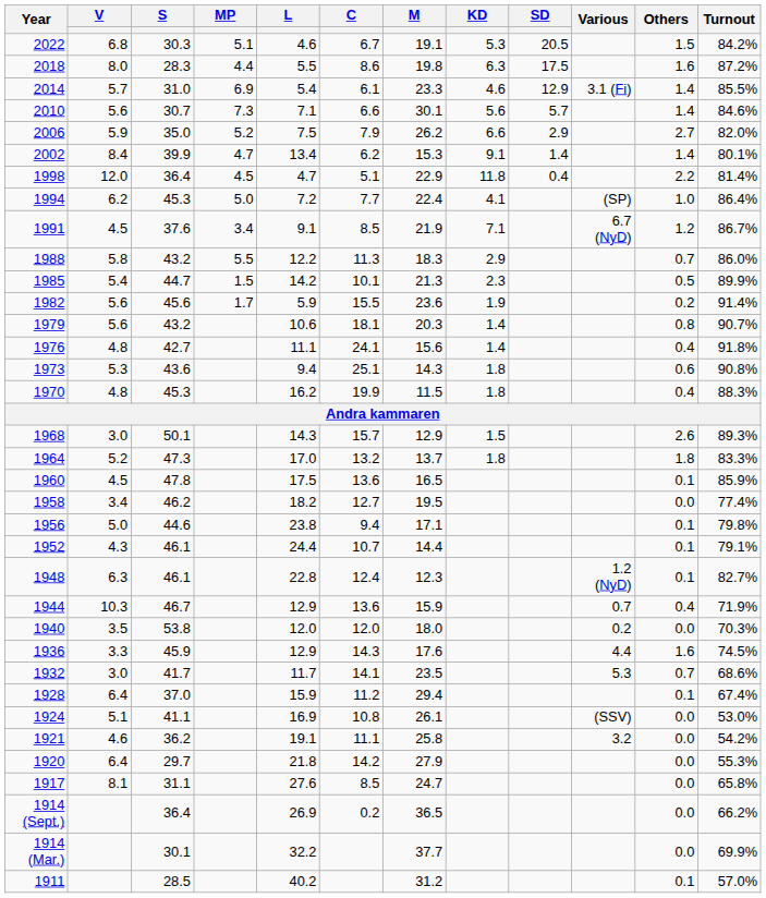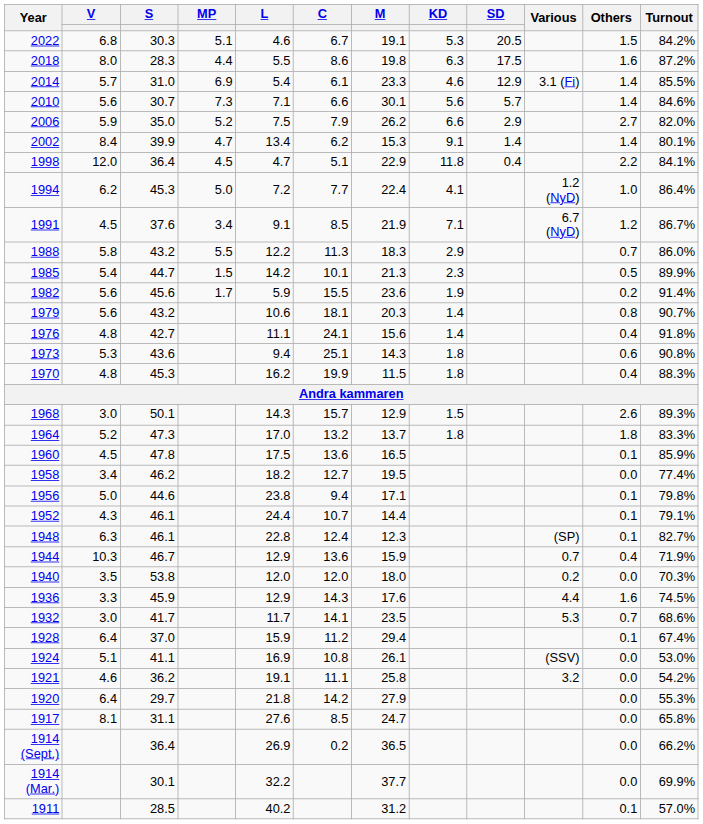 <table class="wikitable" style="text-align:right">
 <tr>
 <th style="width:8%;" rowspan="2">Year</th>
 <th style="width:8%;"><a href='#'>V</a></th>
 <th style="width:8%;"><a href='#'>S</a></th>
 <th style="width:8%;"><a href='#'>MP</a></th>
 <th style="width:8%;"><a href='#'>L</a></th>
 <th style="width:8%;"><a href='#'>C</a></th>
 <th style="width:8%;"><a href='#'>M</a></th>
 <th style="width:8%;"><a href='#'>KD</a></th>
 <th style="width:8%;"><a href='#'>SD</a></th>
 <th style="width:8%;" rowspan="2">Various</th>
 <th style="width:8%;" rowspan="2">Others</th>
 <th style="width:8%;" rowspan="2">Turnout</th>
 </tr>
 <tr>
 <th style="background-color: "></th>
 <th style="background-color: "></th>
 <th style="background-color: "></th>
 <th style="background-color: "></th>
 <th style="background-color: "></th>
 <th style="background-color: "></th>
 <th style="background-color: "></th>
 <th style="background-color: "></th>
 </tr>
 <tr>
 <td><a href='#'>2022</a></td>
 <td>6.8</td>
 <td>30.3</td>
 <td>5.1</td>
 <td>4.6</td>
 <td>6.7</td>
 <td>19.1</td>
 <td>5.3</td>
 <td>20.5</td>
 <td></td>
 <td>1.5</td>
 <td>84.2%</td>
 </tr>
 <tr>
 <td><a href='#'>2018</a></td>
 <td>8.0</td>
 <td>28.3</td>
 <td>4.4</td>
 <td>5.5</td>
 <td>8.6</td>
 <td>19.8</td>
 <td>6.3</td>
 <td>17.5</td>
 <td></td>
 <td>1.6</td>
 <td>87.2%</td>
 </tr>
 <tr>
 <td><a href='#'>2014</a></td>
 <td>5.7</td>
 <td>31.0</td>
 <td>6.9</td>
 <td>5.4</td>
 <td>6.1</td>
 <td>23.3</td>
 <td>4.6</td>
 <td>12.9</td>
 <td>3.1 (<a href='#'>Fi</a>)</td>
 <td>1.4</td>
 <td>85.5%</td>
 </tr>
 <tr>
 <td><a href='#'>2010</a></td>
 <td>5.6</td>
 <td>30.7</td>
 <td>7.3</td>
 <td>7.1</td>
 <td>6.6</td>
 <td>30.1</td>
 <td>5.6</td>
 <td>5.7</td>
 <td></td>
 <td>1.4</td>
 <td>84.6%</td>
 </tr>
 <tr>
 <td><a href='#'>2006</a></td>
 <td>5.9</td>
 <td>35.0</td>
 <td>5.2</td>
 <td>7.5</td>
 <td>7.9</td>
 <td>26.2</td>
 <td>6.6</td>
 <td>2.9</td>
 <td></td>
 <td>2.7</td>
 <td>82.0%</td>
 </tr>
 <tr>
 <td><a href='#'>2002</a></td>
 <td>8.4</td>
 <td>39.9</td>
 <td>4.7</td>
 <td>13.4</td>
 <td>6.2</td>
 <td>15.3</td>
 <td>9.1</td>
 <td>1.4</td>
 <td></td>
 <td>1.4</td>
 <td>80.1%</td>
 </tr>
 <tr>
 <td><a href='#'>1998</a></td>
 <td>12.0</td>
 <td>36.4</td>
 <td>4.5</td>
 <td>4.7</td>
 <td>5.1</td>
 <td>22.9</td>
 <td>11.8</td>
 <td>0.4</td>
 <td></td>
 <td>2.2</td>
-<td>81.4%</td>
+<td>84.1%</td>
 </tr>
 <tr>
 <td><a href='#'>1994</a></td>
 <td>6.2</td>
 <td>45.3</td>
 <td>5.0</td>
 <td>7.2</td>
 <td>7.7</td>
 <td>22.4</td>
 <td>4.1</td>
 <td></td>
-<td>(SP)</td>
+<td>1.2 (<a href='#'>NyD</a>)</td>
 <td>1.0</td>
 <td>86.4%</td>
 </tr>
 <tr>
 <td><a href='#'>1991</a></td>
 <td>4.5</td>
 <td>37.6</td>
 <td>3.4</td>
 <td>9.1</td>
 <td>8.5</td>
 <td>21.9</td>
 <td>7.1</td>
 <td></td>
 <td>6.7 (<a href='#'>NyD</a>)</td>
 <td>1.2</td>
 <td>86.7%</td>
 </tr>
 <tr>
 <td><a href='#'>1988</a></td>
 <td>5.8</td>
 <td>43.2</td>
 <td>5.5</td>
 <td>12.2</td>
 <td>11.3</td>
 <td>18.3</td>
 <td>2.9</td>
 <td></td>
 <td></td>
 <td>0.7</td>
 <td>86.0%</td>
 </tr>
 <tr>
 <td><a href='#'>1985</a></td>
 <td>5.4</td>
 <td>44.7</td>
 <td>1.5</td>
 <td>14.2</td>
 <td>10.1</td>
 <td>21.3</td>
 <td>2.3</td>
 <td></td>
 <td></td>
 <td>0.5</td>
 <td>89.9%</td>
 </tr>
 <tr>
 <td><a href='#'>1982</a></td>
 <td>5.6</td>
 <td>45.6</td>
 <td>1.7</td>
 <td>5.9</td>
 <td>15.5</td>
 <td>23.6</td>
 <td>1.9</td>
 <td></td>
 <td></td>
 <td>0.2</td>
 <td>91.4%</td>
 </tr>
 <tr>
 <td><a href='#'>1979</a></td>
 <td>5.6</td>
 <td>43.2</td>
 <td></td>
 <td>10.6</td>
 <td>18.1</td>
 <td>20.3</td>
 <td>1.4</td>
 <td></td>
 <td></td>
 <td>0.8</td>
 <td>90.7%</td>
 </tr>
 <tr>
 <td><a href='#'>1976</a></td>
 <td>4.8</td>
 <td>42.7</td>
 <td></td>
 <td>11.1</td>
 <td>24.1</td>
 <td>15.6</td>
 <td>1.4</td>
 <td></td>
 <td></td>
 <td>0.4</td>
 <td>91.8%</td>
 </tr>
 <tr>
 <td><a href='#'>1973</a></td>
 <td>5.3</td>
 <td>43.6</td>
 <td></td>
 <td>9.4</td>
 <td>25.1</td>
 <td>14.3</td>
 <td>1.8</td>
 <td></td>
 <td></td>
 <td>0.6</td>
 <td>90.8%</td>
 </tr>
 <tr>
 <td><a href='#'>1970</a></td>
 <td>4.8</td>
 <td>45.3</td>
 <td></td>
 <td>16.2</td>
 <td>19.9</td>
 <td>11.5</td>
 <td>1.8</td>
 <td></td>
 <td></td>
 <td>0.4</td>
 <td>88.3%</td>
 </tr>
 <tr>
 <th colspan=12><a href='#'>Andra kammaren</a></th>
 </tr>
 <tr>
 <td><a href='#'>1968</a></td>
 <td>3.0</td>
 <td>50.1</td>
 <td></td>
 <td>14.3</td>
 <td>15.7</td>
 <td>12.9</td>
 <td>1.5</td>
 <td></td>
 <td></td>
 <td>2.6</td>
 <td>89.3%</td>
 </tr>
 <tr>
 <td><a href='#'>1964</a></td>
 <td>5.2</td>
 <td>47.3</td>
 <td></td>
 <td>17.0</td>
 <td>13.2</td>
 <td>13.7</td>
 <td>1.8</td>
 <td></td>
 <td></td>
 <td>1.8</td>
 <td>83.3%</td>
 </tr>
 <tr>
 <td><a href='#'>1960</a></td>
 <td>4.5</td>
 <td>47.8</td>
 <td></td>
 <td>17.5</td>
 <td>13.6</td>
 <td>16.5</td>
 <td></td>
 <td></td>
 <td></td>
 <td>0.1</td>
 <td>85.9%</td>
 </tr>
 <tr>
 <td><a href='#'>1958</a></td>
 <td>3.4</td>
 <td>46.2</td>
 <td></td>
 <td>18.2</td>
 <td>12.7</td>
 <td>19.5</td>
 <td></td>
 <td></td>
 <td></td>
 <td>0.0</td>
 <td>77.4%</td>
 </tr>
 <tr>
 <td><a href='#'>1956</a></td>
 <td>5.0</td>
 <td>44.6</td>
 <td></td>
 <td>23.8</td>
 <td>9.4</td>
 <td>17.1</td>
 <td></td>
 <td></td>
 <td></td>
 <td>0.1</td>
 <td>79.8%</td>
 </tr>
 <tr>
 <td><a href='#'>1952</a></td>
 <td>4.3</td>
 <td>46.1</td>
 <td></td>
 <td>24.4</td>
 <td>10.7</td>
 <td>14.4</td>
 <td></td>
 <td></td>
 <td></td>
 <td>0.1</td>
 <td>79.1%</td>
 </tr>
 <tr>
 <td><a href='#'>1948</a></td>
 <td>6.3</td>
 <td>46.1</td>
 <td></td>
 <td>22.8</td>
 <td>12.4</td>
 <td>12.3</td>
 <td></td>
 <td></td>
-<td>1.2 (<a href='#'>NyD</a>)</td>
+<td>(SP)</td>
 <td>0.1</td>
 <td>82.7%</td>
 </tr>
 <tr>
 <td><a href='#'>1944</a></td>
 <td>10.3</td>
 <td>46.7</td>
 <td></td>
 <td>12.9</td>
 <td>13.6</td>
 <td>15.9</td>
 <td></td>
 <td></td>
 <td>0.7</td>
 <td>0.4</td>
 <td>71.9%</td>
 </tr>
 <tr>
 <td><a href='#'>1940</a></td>
 <td>3.5</td>
 <td>53.8</td>
 <td></td>
 <td>12.0</td>
 <td>12.0</td>
 <td>18.0</td>
 <td></td>
 <td></td>
 <td>0.2</td>
 <td>0.0</td>
 <td>70.3%</td>
 </tr>
 <tr>
 <td><a href='#'>1936</a></td>
 <td>3.3</td>
 <td>45.9</td>
 <td></td>
 <td>12.9</td>
 <td>14.3</td>
 <td>17.6</td>
 <td></td>
 <td></td>
 <td>4.4</td>
 <td>1.6</td>
 <td>74.5%</td>
 </tr>
 <tr>
 <td><a href='#'>1932</a></td>
 <td>3.0</td>
 <td>41.7</td>
 <td></td>
 <td>11.7</td>
 <td>14.1</td>
 <td>23.5</td>
 <td></td>
 <td></td>
 <td>5.3</td>
 <td>0.7</td>
 <td>68.6%</td>
 </tr>
 <tr>
 <td><a href='#'>1928</a></td>
 <td>6.4</td>
 <td>37.0</td>
 <td></td>
 <td>15.9</td>
 <td>11.2</td>
 <td>29.4</td>
 <td></td>
 <td></td>
 <td></td>
 <td>0.1</td>
 <td>67.4%</td>
 </tr>
 <tr>
 <td><a href='#'>1924</a></td>
 <td>5.1</td>
 <td>41.1</td>
 <td></td>
 <td>16.9</td>
 <td>10.8</td>
 <td>26.1</td>
 <td></td>
 <td></td>
 <td>(SSV)</td>
 <td>0.0</td>
 <td>53.0%</td>
 </tr>
 <tr>
 <td><a href='#'>1921</a></td>
 <td>4.6</td>
 <td>36.2</td>
 <td></td>
 <td>19.1</td>
 <td>11.1</td>
 <td>25.8</td>
 <td></td>
 <td></td>
 <td>3.2</td>
 <td>0.0</td>
 <td>54.2%</td>
 </tr>
 <tr>
 <td><a href='#'>1920</a></td>
 <td>6.4</td>
 <td>29.7</td>
 <td></td>
 <td>21.8</td>
 <td>14.2</td>
 <td>27.9</td>
 <td></td>
 <td></td>
 <td></td>
 <td>0.0</td>
 <td>55.3%</td>
 </tr>
 <tr>
 <td><a href='#'>1917</a></td>
 <td>8.1</td>
 <td>31.1</td>
 <td></td>
 <td>27.6</td>
 <td>8.5</td>
 <td>24.7</td>
 <td></td>
 <td></td>
 <td></td>
 <td>0.0</td>
 <td>65.8%</td>
 </tr>
 <tr>
 <td><a href='#'>1914 (Sept.)</a></td>
 <td></td>
 <td>36.4</td>
 <td></td>
 <td>26.9</td>
 <td>0.2</td>
 <td>36.5</td>
 <td></td>
 <td></td>
 <td></td>
 <td>0.0</td>
 <td>66.2%</td>
 </tr>
 <tr>
 <td><a href='#'>1914 (Mar.)</a></td>
 <td></td>
 <td>30.1</td>
 <td></td>
 <td>32.2</td>
 <td></td>
 <td>37.7</td>
 <td></td>
 <td></td>
 <td></td>
 <td>0.0</td>
 <td>69.9%</td>
 </tr>
 <tr>
 <td><a href='#'>1911</a></td>
 <td></td>
 <td>28.5</td>
 <td></td>
 <td>40.2</td>
 <td></td>
 <td>31.2</td>
 <td></td>
 <td></td>
 <td></td>
 <td>0.1</td>
 <td>57.0%</td>
 </tr>
 </table>
